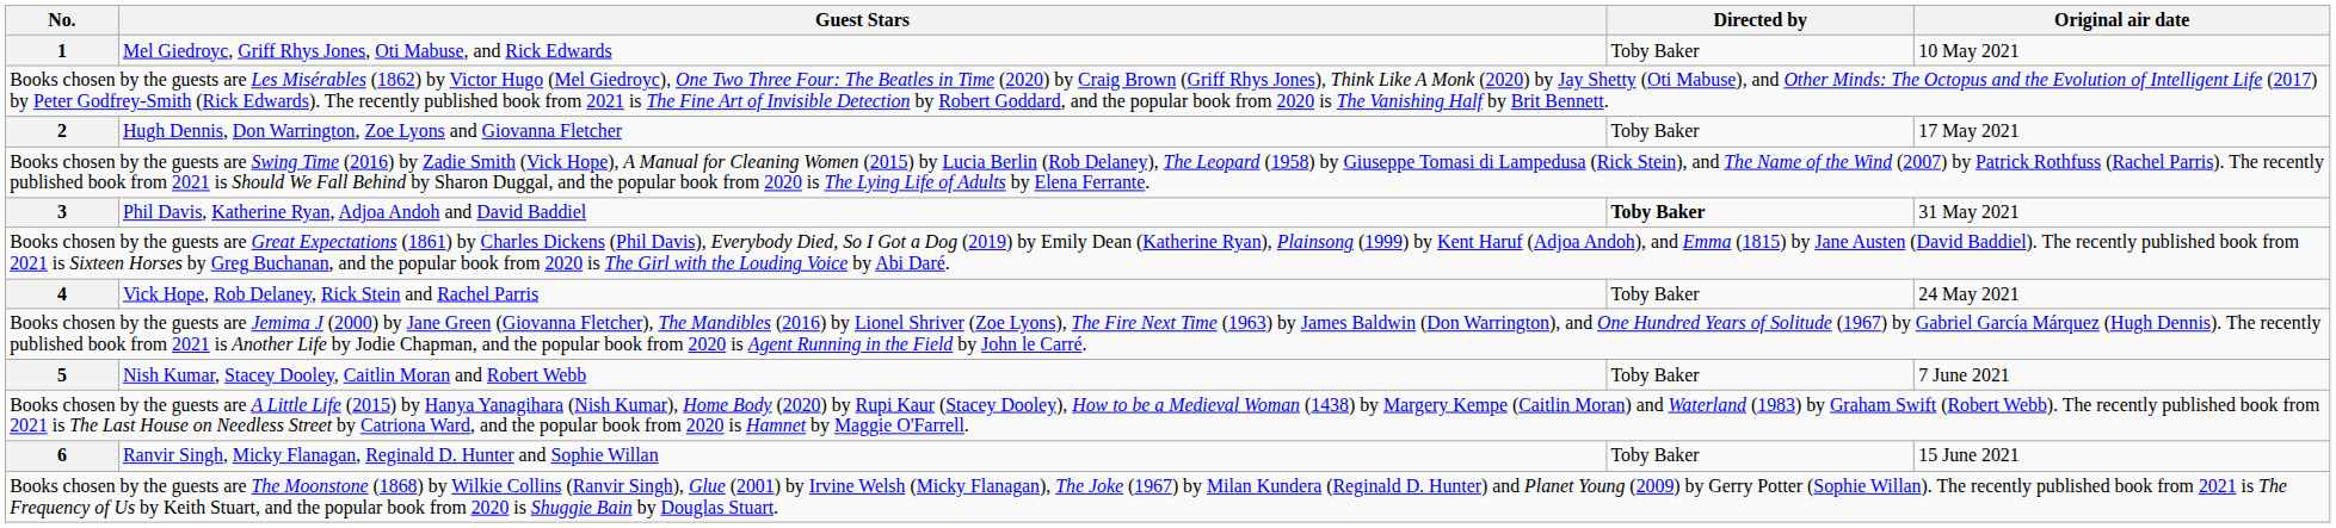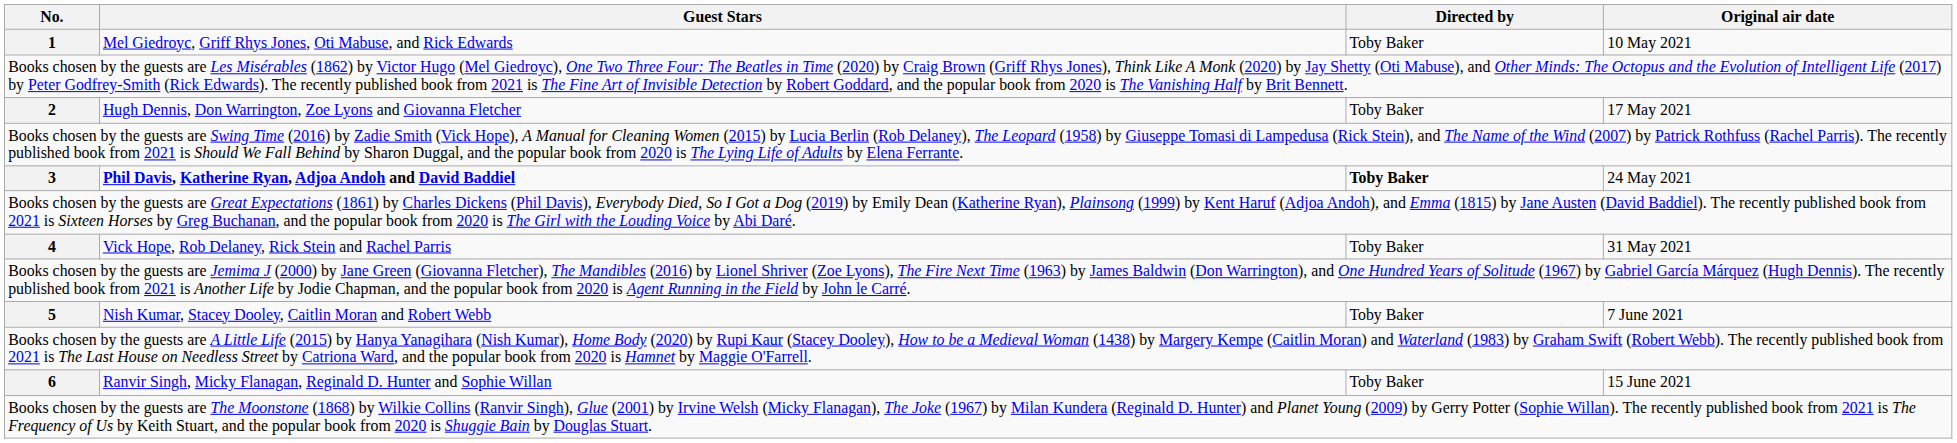 <table class="wikitable">
 <tr>
 <th>No.</th>
 <th>Guest Stars</th>
 <th>Directed by</th>
 <th>Original air date</th>
 </tr>
 <tr>
 <th rowspan="1">1</th>
 <td><a href='#'>Mel Giedroyc</a>, <a href='#'>Griff Rhys Jones</a>, <a href='#'>Oti Mabuse</a>, and <a href='#'>Rick Edwards</a></td>
 <td>Toby Baker</td>
 <td>10 May 2021</td>
 </tr>
 <tr>
 <td colspan="4">Books chosen by the guests are <em><a href='#'>Les Misérables</a></em> (<a href='#'>1862</a>) by <a href='#'>Victor Hugo</a> (<a href='#'>Mel Giedroyc</a>), <em><a href='#'>One Two Three Four: The Beatles in Time</a></em> (<a href='#'>2020</a>) by <a href='#'>Craig Brown</a> (<a href='#'>Griff Rhys Jones</a>),  <em>Think Like A Monk</em> (<a href='#'>2020</a>) by <a href='#'>Jay Shetty</a> (<a href='#'>Oti Mabuse</a>), and <em><a href='#'>Other Minds: The Octopus and the Evolution of Intelligent Life</a></em> (<a href='#'>2017</a>) by <a href='#'>Peter Godfrey-Smith</a> (<a href='#'>Rick Edwards</a>). The recently published book from <a href='#'>2021</a> is <em><a href='#'>The Fine Art of Invisible Detection</a></em> by <a href='#'>Robert Goddard</a>, and the popular book from <a href='#'>2020</a> is <em><a href='#'>The Vanishing Half</a></em> by <a href='#'>Brit Bennett</a>.</td>
 </tr>
 <tr>
 <th rowspan="1">2</th>
 <td><a href='#'>Hugh Dennis</a>, <a href='#'>Don Warrington</a>, <a href='#'>Zoe Lyons</a> and <a href='#'>Giovanna Fletcher</a></td>
 <td>Toby Baker</td>
 <td>17 May 2021</td>
 </tr>
 <tr>
 <td colspan="4">Books chosen by the guests are <a href='#'><em>Swing Time</em></a> (<a href='#'>2016</a>) by <a href='#'>Zadie Smith</a> (<a href='#'>Vick Hope</a>), <em>A Manual for Cleaning Women</em> (<a href='#'>2015</a>) by <a href='#'>Lucia Berlin</a> (<a href='#'>Rob Delaney</a>), <em><a href='#'>The Leopard</a></em> (<a href='#'>1958</a>) by <a href='#'>Giuseppe Tomasi di Lampedusa</a> (<a href='#'>Rick Stein</a>), and <em><a href='#'>The Name of the Wind</a></em> (<a href='#'>2007</a>) by <a href='#'>Patrick Rothfuss</a> (<a href='#'>Rachel Parris</a>). The recently published book from <a href='#'>2021</a> is <em>Should We Fall Behind</em> by Sharon Duggal, and the popular book from <a href='#'>2020</a> is <em><a href='#'>The Lying Life of Adults</a></em> by <a href='#'>Elena Ferrante</a>.</td>
 </tr>
 <tr>
 <th rowspan="1">3</th>
-<td><a href='#'>Phil Davis</a>, <a href='#'>Katherine Ryan</a>, <a href='#'>Adjoa Andoh</a> and <a href='#'>David Baddiel</a></td>
+<td><strong><a href='#'>Phil Davis</a>, <a href='#'>Katherine Ryan</a>, <a href='#'>Adjoa Andoh</a> and <a href='#'>David Baddiel</a></strong></td>
 <td><strong>Toby Baker</strong></td>
-<td>31 May 2021</td>
+<td>24 May 2021</td>
 </tr>
 <tr>
 <td colspan="4">Books chosen by the guests are <em><a href='#'>Great Expectations</a></em> (<a href='#'>1861</a>) by <a href='#'>Charles Dickens</a> (<a href='#'>Phil Davis</a>), <em>Everybody Died, So I Got a Dog</em> (<a href='#'>2019</a>) by Emily Dean  (<a href='#'>Katherine Ryan</a>), <em><a href='#'>Plainsong</a></em> (<a href='#'>1999</a>) by <a href='#'>Kent Haruf</a> (<a href='#'>Adjoa Andoh</a>), and <em><a href='#'>Emma</a></em> (<a href='#'>1815</a>) by <a href='#'>Jane Austen</a> (<a href='#'>David Baddiel</a>). The recently published book from <a href='#'>2021</a> is <em>Sixteen Horses</em> by <a href='#'>Greg Buchanan</a>, and the popular book from <a href='#'>2020</a> is <em><a href='#'>The Girl with the Louding Voice</a></em> by <a href='#'>Abi Daré</a>.</td>
 </tr>
 <tr>
 <th rowspan="1">4</th>
 <td><a href='#'>Vick Hope</a>, <a href='#'>Rob Delaney</a>, <a href='#'>Rick Stein</a> and <a href='#'>Rachel Parris</a></td>
 <td>Toby Baker</td>
-<td>24 May 2021</td>
+<td>31 May 2021</td>
 </tr>
 <tr>
 <td colspan="4">Books chosen by the guests are <em><a href='#'>Jemima J</a></em> (<a href='#'>2000</a>) by <a href='#'>Jane Green</a> (<a href='#'>Giovanna Fletcher</a>), <em><a href='#'>The Mandibles</a></em> (<a href='#'>2016</a>) by <a href='#'>Lionel Shriver</a>  (<a href='#'>Zoe Lyons</a>), <em><a href='#'>The Fire Next Time</a></em> (<a href='#'>1963</a>) by <a href='#'>James Baldwin</a> (<a href='#'>Don Warrington</a>), and <em><a href='#'>One Hundred Years of Solitude</a></em> (<a href='#'>1967</a>) by <a href='#'>Gabriel García Márquez</a> (<a href='#'>Hugh Dennis</a>). The recently published book from <a href='#'>2021</a> is <em>Another Life</em> by Jodie Chapman, and the popular book from <a href='#'>2020</a> is <em><a href='#'>Agent Running in the Field</a></em> by <a href='#'>John le Carré</a>.</td>
 </tr>
 <tr>
 <th rowspan="1">5</th>
 <td><a href='#'>Nish Kumar</a>, <a href='#'>Stacey Dooley</a>, <a href='#'>Caitlin Moran</a> and <a href='#'>Robert Webb</a></td>
 <td>Toby Baker</td>
 <td>7 June 2021</td>
 </tr>
 <tr>
 <td colspan="4">Books chosen by the guests are <em><a href='#'>A Little Life</a></em> (<a href='#'>2015</a>) by <a href='#'>Hanya Yanagihara</a> (<a href='#'>Nish Kumar</a>), <em><a href='#'>Home Body</a></em> (<a href='#'>2020</a>) by <a href='#'>Rupi Kaur</a> (<a href='#'>Stacey Dooley</a>), <em><a href='#'>How to be a Medieval Woman</a></em> (<a href='#'>1438</a>) by <a href='#'>Margery Kempe</a> (<a href='#'>Caitlin Moran</a>) and <em><a href='#'>Waterland</a></em> (<a href='#'>1983</a>) by <a href='#'>Graham Swift</a> (<a href='#'>Robert Webb</a>). The recently published book from <a href='#'>2021</a> is <em>The Last House on Needless Street</em> by <a href='#'>Catriona Ward</a>, and the popular book from <a href='#'>2020</a> is <em><a href='#'>Hamnet</a></em> by <a href='#'>Maggie O'Farrell</a>.</td>
 </tr>
 <tr>
 <th rowspan="1">6</th>
 <td><a href='#'>Ranvir Singh</a>, <a href='#'>Micky Flanagan</a>, <a href='#'>Reginald D. Hunter</a> and <a href='#'>Sophie Willan</a></td>
 <td>Toby Baker</td>
 <td>15 June 2021</td>
 </tr>
 <tr>
 <td colspan="4">Books chosen by the guests are <em><a href='#'>The Moonstone</a></em> (<a href='#'>1868</a>) by <a href='#'>Wilkie Collins</a> (<a href='#'>Ranvir Singh</a>), <em><a href='#'>Glue</a></em> (<a href='#'>2001</a>) by <a href='#'>Irvine Welsh</a> (<a href='#'>Micky Flanagan</a>), <em><a href='#'>The Joke</a></em> (<a href='#'>1967</a>) by <a href='#'>Milan Kundera</a> (<a href='#'>Reginald D. Hunter</a>) and <em>Planet Young</em> (<a href='#'>2009</a>) by Gerry Potter (<a href='#'>Sophie Willan</a>). The recently published book from <a href='#'>2021</a> is <em>The Frequency of Us</em> by Keith Stuart, and the popular book from <a href='#'>2020</a> is <em><a href='#'>Shuggie Bain</a></em> by <a href='#'>Douglas Stuart</a>.</td>
 </tr>
 </table>
